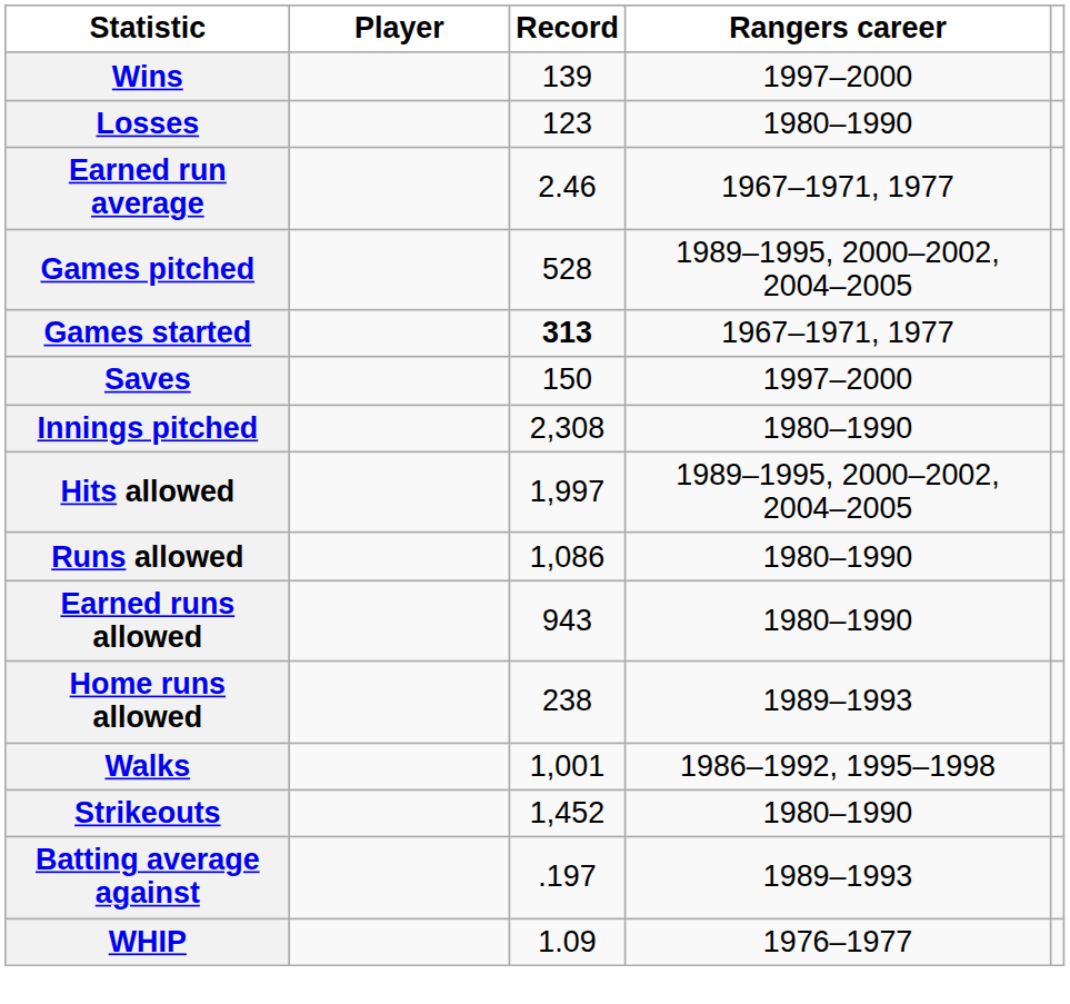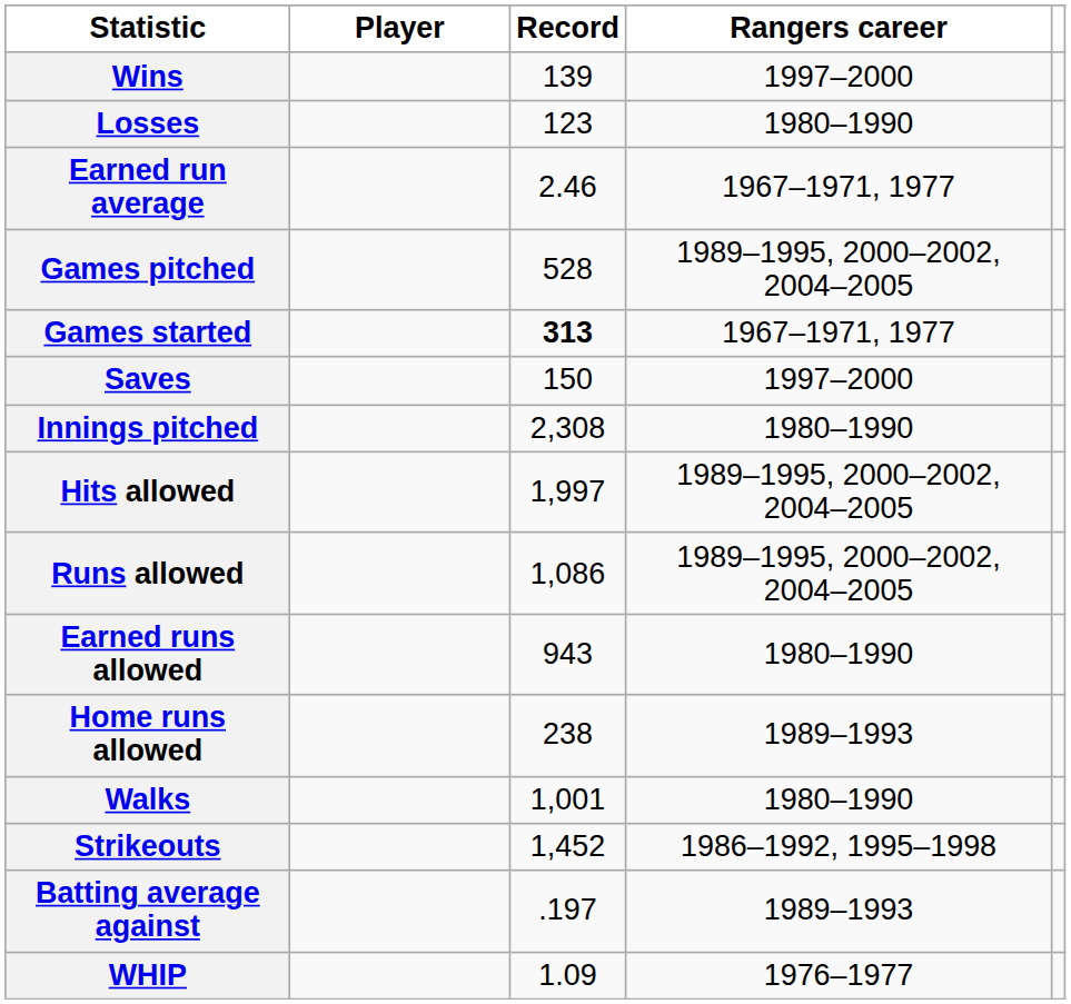 <table class="sortable wikitable plainrowheaders" style="text-align:center">
 <tr>
 <th width="145px" scope="col" style="background-color:#ffffff; border-top:#">Statistic</th>
 <th width="110px" scope="col" style="background-color:#ffffff; border-top:#">Player</th>
 <th class="unsortable" scope="col" style="background-color:#ffffff; border-top:#">Record</th>
 <th width="220px" scope="col" style="background-color:#ffffff; border-top:#">Rangers career</th>
 <th class="unsortable" scope="col" style="background-color:#ffffff; border-top:#"></th>
 </tr>
 <tr>
 <th scope="row" style="text-align:center"><a href='#'>Wins</a></th>
 <td></td>
 <td>139</td>
 <td>1997–2000</td>
 <td></td>
 </tr>
 <tr>
 <th scope="row" style="text-align:center"><a href='#'>Losses</a></th>
 <td></td>
 <td>123</td>
 <td>1980–1990</td>
 <td></td>
 </tr>
 <tr>
 <th scope="row" style="text-align:center"><a href='#'>Earned run average</a></th>
 <td></td>
 <td>2.46</td>
 <td>1967–1971, 1977</td>
 <td></td>
 </tr>
 <tr>
 <th scope="row" style="text-align:center"><a href='#'>Games pitched</a></th>
 <td></td>
 <td>528</td>
 <td>1989–1995, 2000–2002, 2004–2005</td>
 <td></td>
 </tr>
 <tr>
 <th scope="row" style="text-align:center"><a href='#'>Games started</a></th>
 <td></td>
 <td><strong>313</strong></td>
 <td>1967–1971, 1977</td>
 <td></td>
 </tr>
 <tr>
 <th scope="row" style="text-align:center"><a href='#'>Saves</a></th>
 <td></td>
 <td>150</td>
 <td>1997–2000</td>
 <td></td>
 </tr>
 <tr>
 <th scope="row" style="text-align:center"><a href='#'>Innings pitched</a></th>
 <td></td>
 <td>2,308</td>
 <td>1980–1990</td>
 <td></td>
 </tr>
 <tr>
 <th scope="row" style="text-align:center"><a href='#'>Hits</a> allowed</th>
 <td></td>
 <td>1,997</td>
 <td>1989–1995, 2000–2002, 2004–2005</td>
 <td></td>
 </tr>
 <tr>
 <th scope="row" style="text-align:center"><a href='#'>Runs</a> allowed</th>
 <td></td>
 <td>1,086</td>
-<td>1980–1990</td>
+<td>1989–1995, 2000–2002, 2004–2005</td>
 <td></td>
 </tr>
 <tr>
 <th scope="row" style="text-align:center"><a href='#'>Earned runs</a> allowed</th>
 <td></td>
 <td>943</td>
 <td>1980–1990</td>
 <td></td>
 </tr>
 <tr>
 <th scope="row" style="text-align:center"><a href='#'>Home runs</a> allowed</th>
 <td></td>
 <td>238</td>
 <td>1989–1993</td>
 <td></td>
 </tr>
 <tr>
 <th scope="row" style="text-align:center"><a href='#'>Walks</a></th>
 <td></td>
 <td>1,001</td>
-<td>1986–1992, 1995–1998</td>
+<td>1980–1990</td>
 <td></td>
 </tr>
 <tr>
 <th scope="row" style="text-align:center"><a href='#'>Strikeouts</a></th>
 <td></td>
 <td>1,452</td>
-<td>1980–1990</td>
+<td>1986–1992, 1995–1998</td>
 <td></td>
 </tr>
 <tr>
 <th scope="row" style="text-align:center"><a href='#'>Batting average against</a></th>
 <td></td>
 <td>.197</td>
 <td>1989–1993</td>
 <td></td>
 </tr>
 <tr>
 <th scope="row" style="text-align:center"><a href='#'>WHIP</a></th>
 <td></td>
 <td>1.09</td>
 <td>1976–1977</td>
 <td></td>
 </tr>
 </table>
